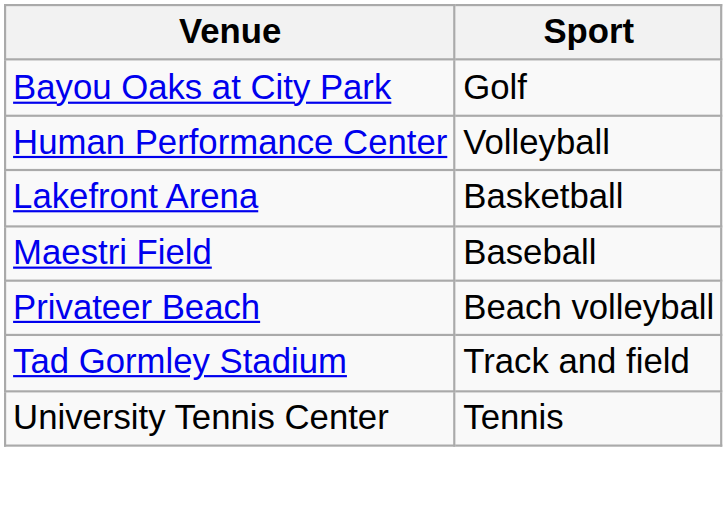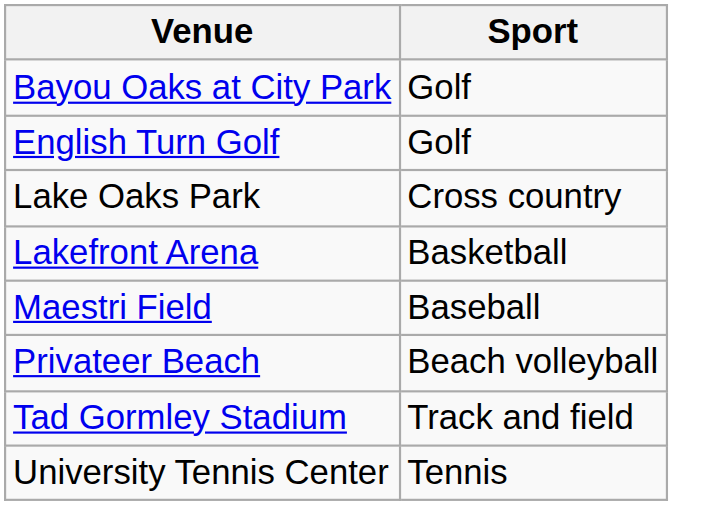 <table class="wikitable"; style= "text-align: ">
 <tr>
 <th width=px>Venue</th>
 <th width=px>Sport</th>
 </tr>
 <tr>
 <td><a href='#'>Bayou Oaks at City Park</a></td>
 <td>Golf</td>
 </tr>
 <tr>
-<td><a href='#'>Human Performance Center</a></td>
-<td>Volleyball</td>
+<td><a href='#'>English Turn Golf</a></td>
+<td>Golf</td>
+</tr>
+<tr>
+<td>Lake Oaks Park</td>
+<td>Cross country</td>
 </tr>
 <tr>
 <td><a href='#'>Lakefront Arena</a></td>
 <td>Basketball</td>
 </tr>
 <tr>
 <td><a href='#'>Maestri Field</a></td>
 <td>Baseball</td>
 </tr>
 <tr>
 <td><a href='#'>Privateer Beach</a></td>
 <td>Beach volleyball</td>
 </tr>
 <tr>
 <td><a href='#'>Tad Gormley Stadium</a></td>
 <td>Track and field</td>
 </tr>
 <tr>
 <td>University Tennis Center</td>
 <td>Tennis</td>
 </tr>
 </table>
